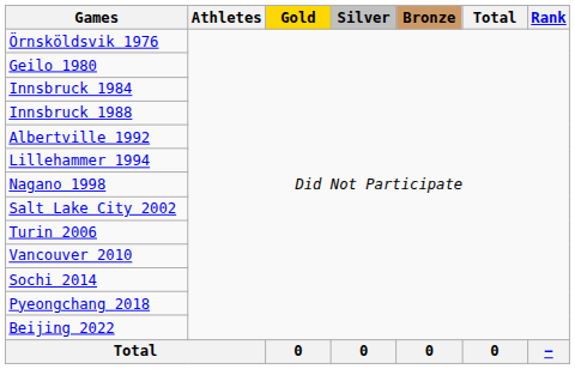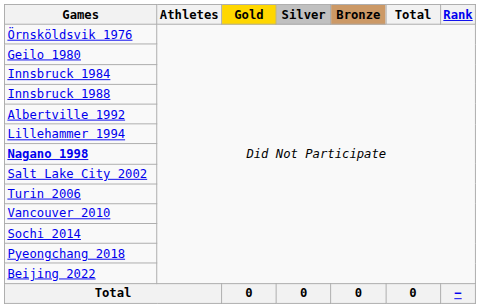 <table class="wikitable" style="text-align:center; font-size:100%;">
 <tr>
 <th style="width:12em;">Games</th>
 <th style="width:4em;">Athletes</th>
 <th style="width:4em; background:gold;">Gold</th>
 <th style="width:4em; background:silver;">Silver</th>
 <th style="width:4em; background:#cc9966;">Bronze</th>
 <th style="width:4em;">Total</th>
 <th style="width:2em;"><a href='#'>Rank</a></th>
 </tr>
 <tr>
 <td align=left> <a href='#'>Örnsköldsvik 1976</a></td>
 <td colspan=6 rowspan=13><em>Did Not Participate</em></td>
 </tr>
 <tr>
 <td align=left> <a href='#'>Geilo 1980</a></td>
 </tr>
 <tr>
 <td align=left> <a href='#'>Innsbruck 1984</a></td>
 </tr>
 <tr>
 <td align=left> <a href='#'>Innsbruck 1988</a></td>
 </tr>
 <tr>
 <td align=left> <a href='#'>Albertville 1992</a></td>
 </tr>
 <tr>
 <td align=left> <a href='#'>Lillehammer 1994</a></td>
 </tr>
 <tr>
-<td align=left> <a href='#'>Nagano 1998</a></td>
+<td align=left><strong> <a href='#'>Nagano 1998</a></strong></td>
 </tr>
 <tr>
 <td align=left> <a href='#'>Salt Lake City 2002</a></td>
 </tr>
 <tr>
 <td align=left> <a href='#'>Turin 2006</a></td>
 </tr>
 <tr>
 <td align=left> <a href='#'>Vancouver 2010</a></td>
 </tr>
 <tr>
 <td align=left> <a href='#'>Sochi 2014</a></td>
 </tr>
 <tr>
 <td align=left> <a href='#'>Pyeongchang 2018</a></td>
 </tr>
 <tr>
 <td align=left> <a href='#'>Beijing 2022</a></td>
 </tr>
 <tr>
 <th colspan=2>Total</th>
 <th>0</th>
 <th>0</th>
 <th>0</th>
 <th>0</th>
 <th><a href='#'>−</a></th>
 </tr>
 </table>
